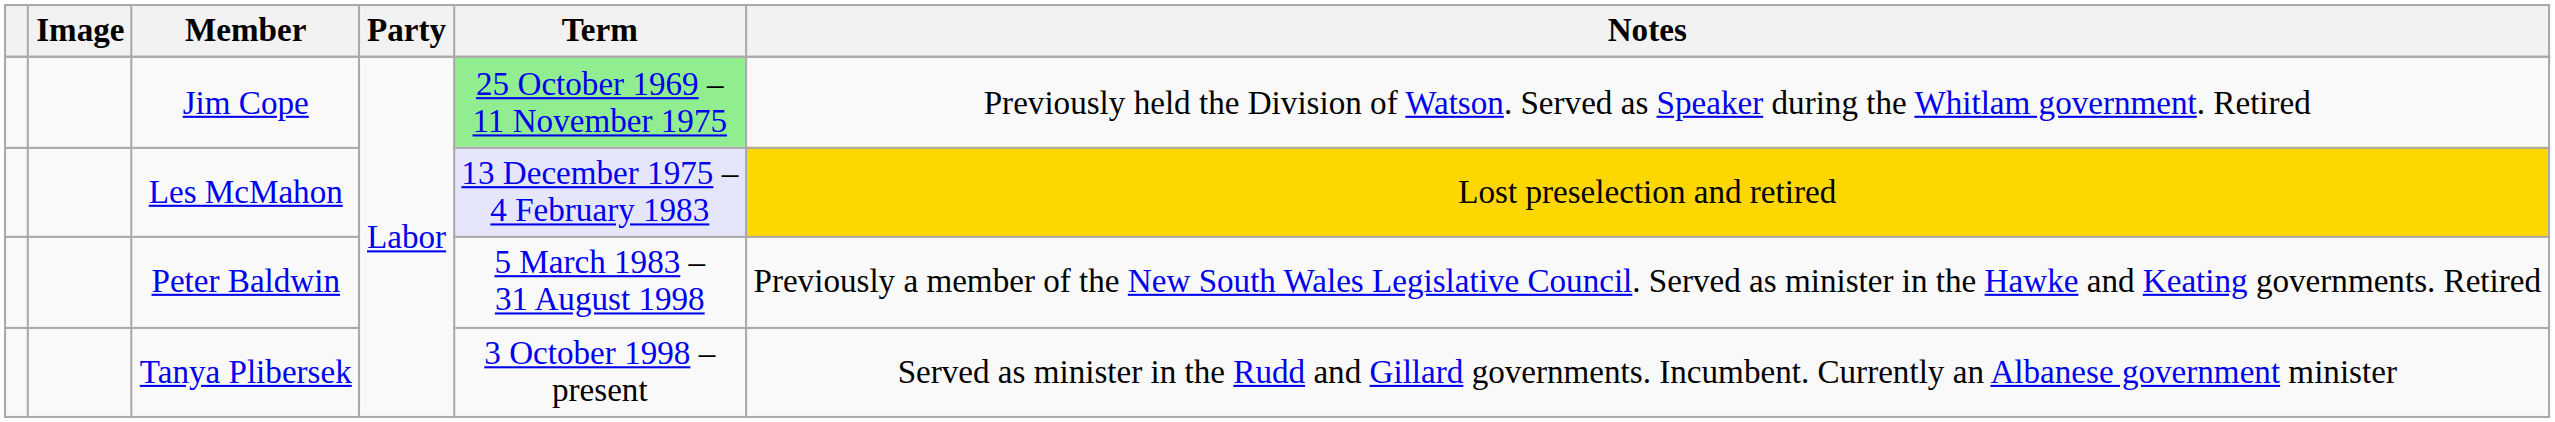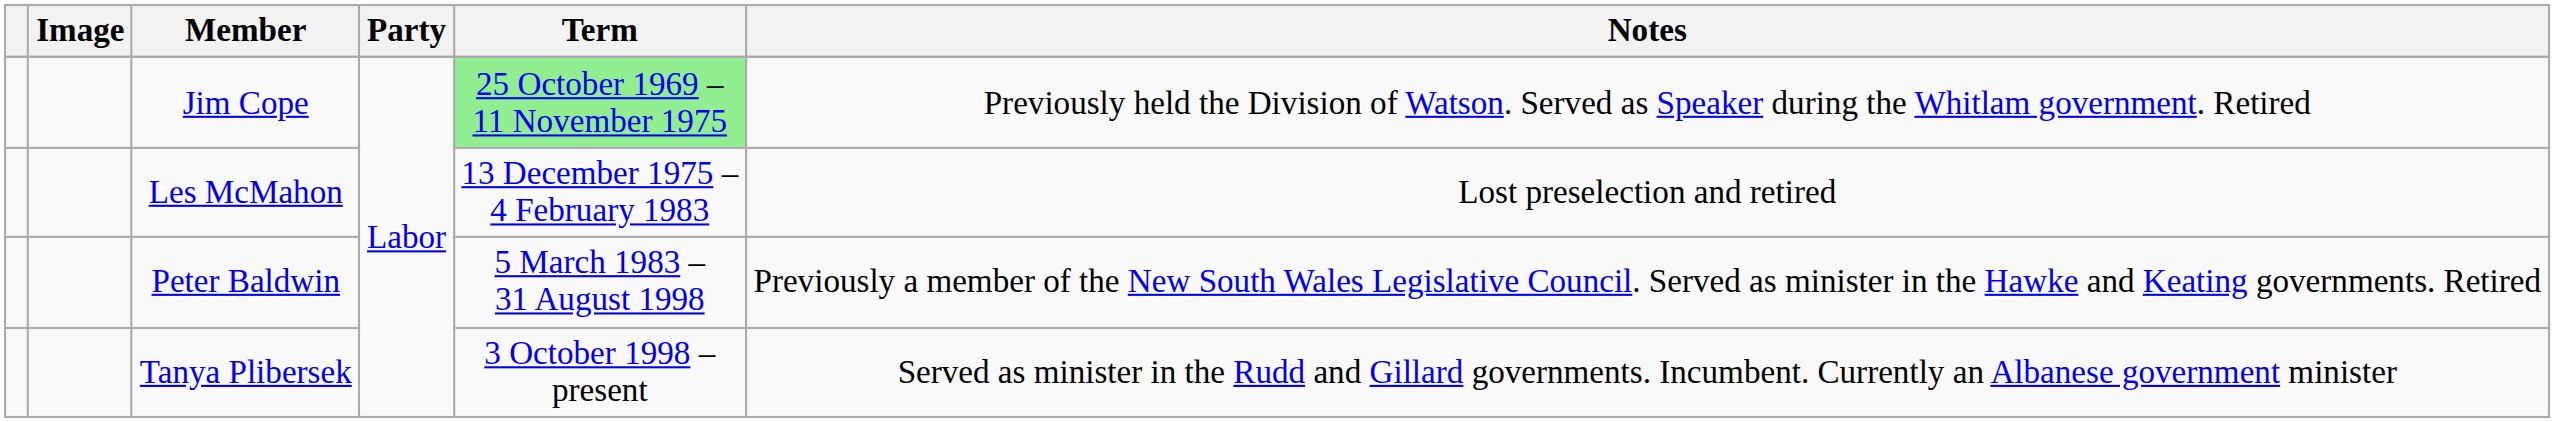 <table class="wikitable sortable" style="text-align:center">
 <tr>
 <th class="unsortable"></th>
 <th>Image</th>
 <th>Member</th>
 <th>Party</th>
 <th>Term</th>
 <th>Notes</th>
 </tr>
 <tr>
 </tr>
 <tr>
 <td> </td>
 <td></td>
 <td><a href='#'>Jim Cope</a><br></td>
 <td rowspan="4"><a href='#'>Labor</a></td>
 <td nowrap style="background: lightgreen;"><a href='#'>25 October 1969</a> –<br><a href='#'>11 November 1975</a></td>
 <td>Previously held the Division of <a href='#'>Watson</a>. Served as <a href='#'>Speaker</a> during the <a href='#'>Whitlam government</a>. Retired</td>
 </tr>
 <tr>
 <td> </td>
 <td></td>
 <td><a href='#'>Les McMahon</a><br></td>
-<td nowrap style="background: lavender;"><a href='#'>13 December 1975</a> –<br><a href='#'>4 February 1983</a></td>
-<td style="background: gold;">Lost preselection and retired</td>
+<td nowrap><a href='#'>13 December 1975</a> –<br><a href='#'>4 February 1983</a></td>
+<td>Lost preselection and retired</td>
 </tr>
 <tr>
 <td> </td>
 <td></td>
 <td><a href='#'>Peter Baldwin</a><br></td>
 <td nowrap><a href='#'>5 March 1983</a> –<br><a href='#'>31 August 1998</a></td>
 <td>Previously a member of the <a href='#'>New South Wales Legislative Council</a>. Served as minister in the <a href='#'>Hawke</a> and <a href='#'>Keating</a> governments. Retired</td>
 </tr>
 <tr>
 <td> </td>
 <td></td>
 <td><a href='#'>Tanya Plibersek</a><br></td>
 <td nowrap><a href='#'>3 October 1998</a> –<br>present</td>
 <td>Served as minister in the <a href='#'>Rudd</a> and <a href='#'>Gillard</a> governments. Incumbent. Currently an <a href='#'>Albanese government</a> minister</td>
 </tr>
 </table>
